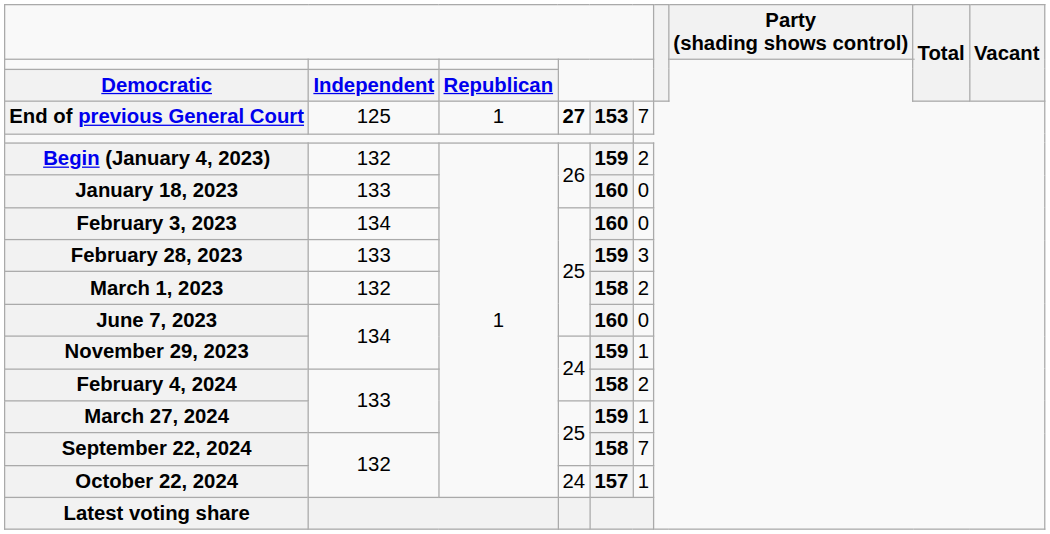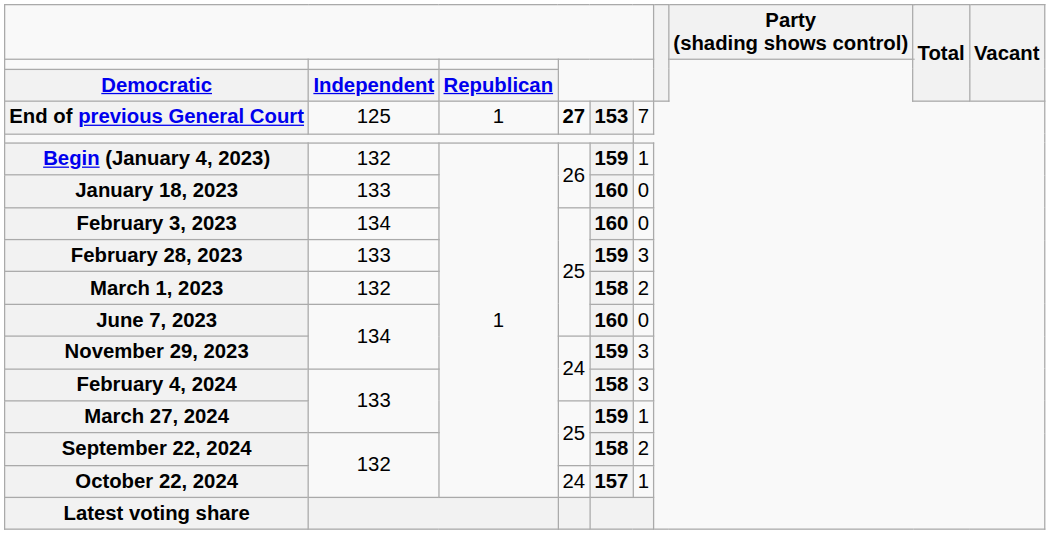 <table class="wikitable" style="text-align:center;">
 <tr>
 <td colspan=6 align=center><div></div></td>
 <th scope="col" rowspan="3"> </th>
 <th scope="col" colspan="3">Party<div>(shading shows control)</div></th>
 <th scope="col" rowspan="3">Total</th>
 <th scope="col" rowspan="3">Vacant</th>
 </tr>
 <tr style="height:5px">
 <td style="background-color:"></td>
 <td style="background-color:"></td>
 <td style="background-color:"></td>
 </tr>
 <tr>
 <th scope="col"><a href='#'>Democratic</a></th>
 <th scope="col"><a href='#'>Independent</a></th>
 <th scope="col"><a href='#'>Republican</a></th>
 </tr>
 <tr>
 <th scope="row">End of <a href='#'>previous General Court</a></th>
 <td>125</td>
 <td>1</td>
 <td><strong>27</strong></td>
 <th>153</th>
 <td>7</td>
 </tr>
 <tr>
 <td colspan="5"></td>
 </tr>
 <tr>
 <th scope="row"><a href='#'>Begin</a> (January 4, 2023)</th>
 <td rowspan=1 >132</td>
 <td rowspan=11 >1</td>
 <td rowspan=2>26</td>
 <th>159</th>
-<td>2</td>
+<td>1</td>
 </tr>
 <tr>
 <th scope="row">January 18, 2023 </th>
 <td rowspan=1 >133</td>
 <th>160</th>
 <td>0</td>
 </tr>
 <tr>
 <th scope="row">February 3, 2023 </th>
 <td rowspan=1 >134</td>
 <td rowspan=4>25</td>
 <th>160</th>
 <td>0</td>
 </tr>
 <tr>
 <th scope="row">February 28, 2023 </th>
 <td rowspan=1 >133</td>
 <th>159</th>
 <td>3</td>
 </tr>
 <tr>
 <th scope="row">March 1, 2023 </th>
 <td rowspan=1 >132</td>
 <th>158</th>
 <td>2</td>
 </tr>
 <tr>
 <th scope="row">June 7, 2023 </th>
 <td rowspan=2 >134</td>
 <th>160</th>
 <td>0</td>
 </tr>
 <tr>
 <th scope="row">November 29, 2023 </th>
 <td rowspan=2>24</td>
 <th>159</th>
-<td>1</td>
+<td>3</td>
 </tr>
 <tr>
 <th scope="row">February 4, 2024 </th>
 <td rowspan=2 >133</td>
 <th>158</th>
-<td>2</td>
+<td>3</td>
 </tr>
 <tr>
 <th scope="row">March 27, 2024 </th>
 <td rowspan="2">25</td>
 <th>159</th>
 <td>1</td>
 </tr>
 <tr>
 <th scope="row">September 22, 2024 </th>
 <td rowspan=2 >132</td>
 <th>158</th>
-<td>7</td>
+<td>2</td>
 </tr>
 <tr>
 <th scope="row">October 22, 2024 </th>
 <td>24</td>
 <th>157</th>
 <td>1</td>
 </tr>
 <tr>
 <th scope="row">Latest voting share</th>
 <th colspan="2" ></th>
 <th></th>
 <th colspan=2> </th>
 </tr>
 </table>
